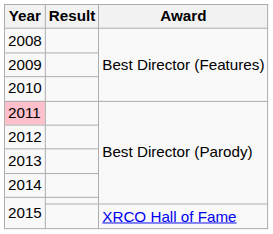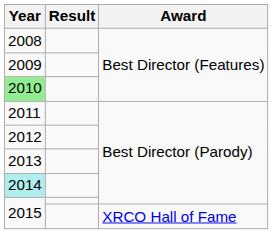 <table class="wikitable">
 <tr>
 <th>Year</th>
 <th>Result</th>
 <th>Award</th>
 </tr>
 <tr>
 <td>2008</td>
 <td></td>
 <td rowspan="3">Best Director (Features)</td>
 </tr>
 <tr>
 <td>2009</td>
 <td></td>
 </tr>
 <tr>
-<td>2010</td>
+<td style="background: lightgreen;">2010</td>
 <td></td>
 </tr>
 <tr>
-<td style="background: pink;">2011</td>
+<td>2011</td>
 <td></td>
 <td rowspan="5">Best Director (Parody)</td>
 </tr>
 <tr>
 <td>2012</td>
 <td></td>
 </tr>
 <tr>
 <td>2013</td>
 <td></td>
 </tr>
 <tr>
-<td>2014</td>
+<td style="background: paleturquoise;">2014</td>
 <td></td>
 </tr>
 <tr>
 <td rowspan="2">2015</td>
 <td></td>
 </tr>
 <tr>
 <td></td>
 <td><a href='#'>XRCO Hall of Fame</a></td>
 </tr>
 </table>
